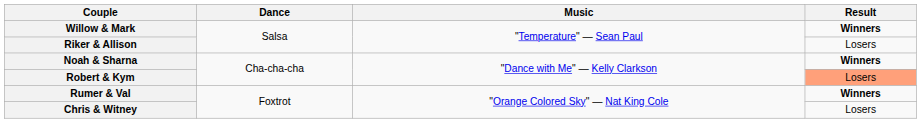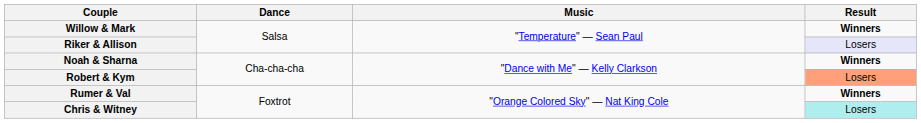 <table class="wikitable unsortable" style="text-align:center; width:90%">
 <tr>
 <th scope="col">Couple</th>
 <th scope="col">Dance</th>
 <th scope="col">Music</th>
 <th scope="col">Result</th>
 </tr>
 <tr>
 <th scope="row">Willow & Mark</th>
 <td rowspan=2>Salsa</td>
 <td rowspan=2>"<a href='#'>Temperature</a>" — <a href='#'>Sean Paul</a></td>
 <td><strong>Winners</strong></td>
 </tr>
 <tr>
 <th scope="row">Riker & Allison</th>
-<td>Losers</td>
+<td style="background: lavender;">Losers</td>
 </tr>
 <tr>
 <th scope="row">Noah & Sharna</th>
 <td rowspan=2>Cha-cha-cha</td>
 <td rowspan=2>"<a href='#'>Dance with Me</a>" — <a href='#'>Kelly Clarkson</a></td>
 <td><strong>Winners</strong></td>
 </tr>
 <tr>
 <th scope="row">Robert & Kym</th>
 <td style="background: lightsalmon;">Losers</td>
 </tr>
 <tr>
 <th scope="row">Rumer & Val</th>
 <td rowspan=2>Foxtrot</td>
 <td rowspan=2>"<a href='#'>Orange Colored Sky</a>" — <a href='#'>Nat King Cole</a></td>
 <td><strong>Winners</strong></td>
 </tr>
 <tr>
 <th scope="row">Chris & Witney</th>
-<td>Losers</td>
+<td style="background: paleturquoise;">Losers</td>
 </tr>
 </table>
